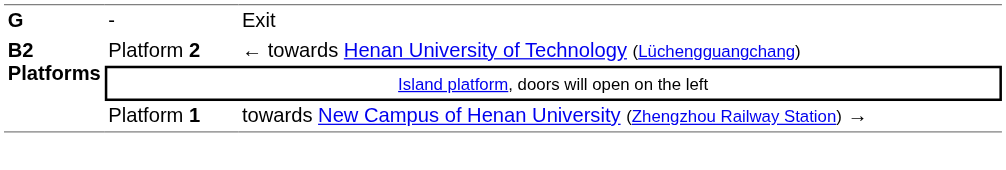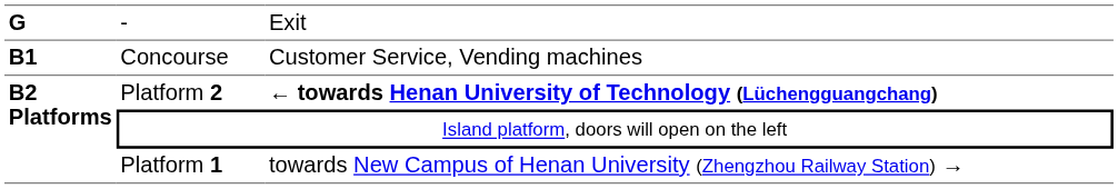 <table table border=0 cellspacing=0 cellpadding=3>
 <tr>
 <td style="border-top:solid 1px gray;" width=50 valign=top><strong>G</strong></td>
 <td style="border-top:solid 1px gray;" width=100 valign=top>-</td>
 <td style="border-top:solid 1px gray;" width=600 valign=top>Exit</td>
 </tr>
 <tr>
+<td style="border-bottom:solid 1px gray; border-top:solid 1px gray;" valign=top width=50><strong>B1</strong></td>
+<td style="border-bottom:solid 1px gray; border-top:solid 1px gray;" valign=top width=100>Concourse<br></td>
+<td style="border-bottom:solid 1px gray; border-top:solid 1px gray;" valign=top width=390>Customer Service, Vending machines</td>
+</tr>
+<tr>
 <td style="border-bottom:solid 1px gray;" rowspan="3" valign=top><strong>B2<br>Platforms</strong></td>
 <td>Platform <span> <strong>2</strong></span></td>
-<td>←  towards <a href='#'>Henan University of Technology</a> <small>(<a href='#'>Lüchengguangchang</a>)</small></td>
+<td><strong>←  towards <a href='#'>Henan University of Technology</a> <small>(<a href='#'>Lüchengguangchang</a>)</small></strong></td>
 </tr>
 <tr>
 <td style="border-right:solid 2px black;border-left:solid 2px black;border-top:solid 2px black;border-bottom:solid 2px black;text-align:center;" colspan=2><small><a href='#'>Island platform</a>, doors will open on the left</small></td>
 </tr>
 <tr>
 <td style="border-bottom:solid 1px gray;">Platform <span> <strong>1</strong></span></td>
 <td style="border-bottom:solid 1px gray;">  towards <a href='#'>New Campus of Henan University</a> <small>(<a href='#'>Zhengzhou Railway Station</a>)</small> →</td>
 </tr>
 </table>
